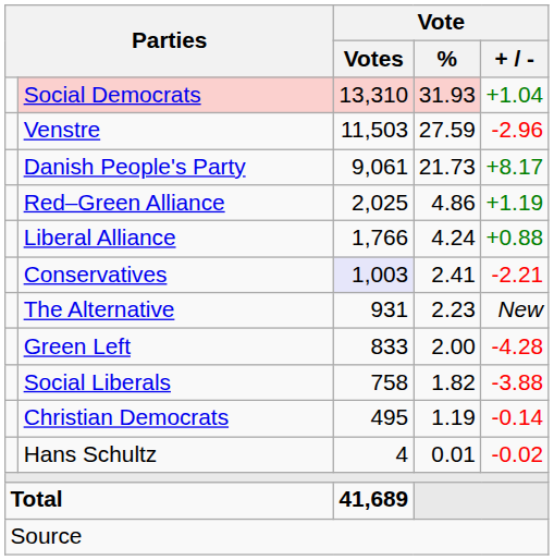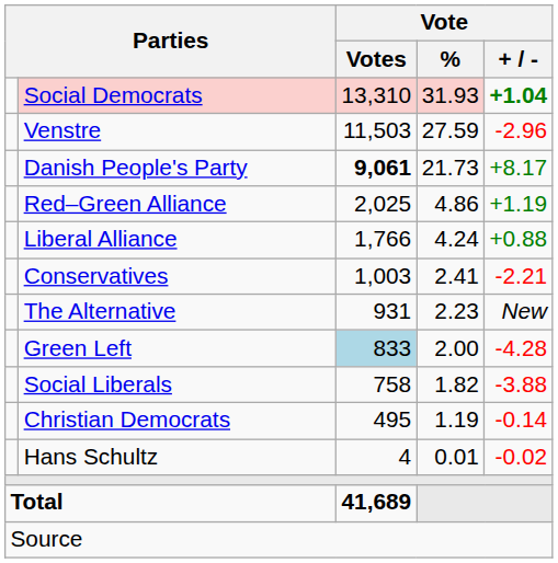 <table class="wikitable" style="text-align:right;">
 <tr>
 <th style="text-align:centre;" rowspan="2" colspan="2" width="225">Parties</th>
 <th colspan="3">Vote</th>
 </tr>
 <tr>
 <th width="15">Votes</th>
 <th width="15">%</th>
 <th width="15">+ / -</th>
 </tr>
 <tr>
 <td width="2" style="color:inherit;background:"></td>
 <td bgcolor=#fbd0ce  align="left"><a href='#'>Social Democrats</a></td>
 <td bgcolor=#fbd0ce>13,310</td>
 <td bgcolor=#fbd0ce>31.93</td>
-<td style=color:green;>+1.04</td>
+<td style=color:green;><strong>+1.04</strong></td>
 </tr>
 <tr>
 <td width="2" style="color:inherit;background:"></td>
 <td align="left"><a href='#'>Venstre</a></td>
 <td>11,503</td>
 <td>27.59</td>
 <td style=color:red;>-2.96</td>
 </tr>
 <tr>
 <td width="2" style="color:inherit;background:"></td>
 <td align="left"><a href='#'>Danish People's Party</a></td>
-<td>9,061</td>
+<td><strong>9,061</strong></td>
 <td>21.73</td>
 <td style=color:green;>+8.17</td>
 </tr>
 <tr>
 <td width="2" style="color:inherit;background:"></td>
 <td align="left"><a href='#'>Red–Green Alliance</a></td>
 <td>2,025</td>
 <td>4.86</td>
 <td style=color:green;>+1.19</td>
 </tr>
 <tr>
 <td width="2" style="color:inherit;background:"></td>
 <td align="left"><a href='#'>Liberal Alliance</a></td>
 <td>1,766</td>
 <td>4.24</td>
 <td style=color:green;>+0.88</td>
 </tr>
 <tr>
 <td width="2" style="color:inherit;background:"></td>
 <td align="left"><a href='#'>Conservatives</a></td>
-<td style="background: lavender;">1,003</td>
+<td>1,003</td>
 <td>2.41</td>
 <td style=color:red;>-2.21</td>
 </tr>
 <tr>
 <td width="2" style="color:inherit;background:"></td>
 <td align="left"><a href='#'>The Alternative</a></td>
 <td>931</td>
 <td>2.23</td>
 <td><em>New</em></td>
 </tr>
 <tr>
 <td width="2" style="color:inherit;background:"></td>
 <td align="left"><a href='#'>Green Left</a></td>
-<td>833</td>
+<td style="background: lightblue;">833</td>
 <td>2.00</td>
 <td style=color:red;>-4.28</td>
 </tr>
 <tr>
 <td width="2" style="color:inherit;background:"></td>
 <td align="left"><a href='#'>Social Liberals</a></td>
 <td>758</td>
 <td>1.82</td>
 <td style=color:red;>-3.88</td>
 </tr>
 <tr>
 <td width="2" style="color:inherit;background:"></td>
 <td align="left"><a href='#'>Christian Democrats</a></td>
 <td>495</td>
 <td>1.19</td>
 <td style=color:red;>-0.14</td>
 </tr>
 <tr>
 <td width="2" style="color:inherit;background:"></td>
 <td align="left">Hans Schultz</td>
 <td>4</td>
 <td>0.01</td>
 <td style=color:red;>-0.02</td>
 </tr>
 <tr>
 <td colspan="7" bgcolor="#E9E9E9"></td>
 </tr>
 <tr>
 <td align="left" colspan="2"><strong>Total</strong></td>
 <td><strong>41,689</strong></td>
 <td bgcolor="#E9E9E9" colspan="2"></td>
 </tr>
 <tr>
 <td align="left" colspan="6">Source</td>
 </tr>
 </table>
